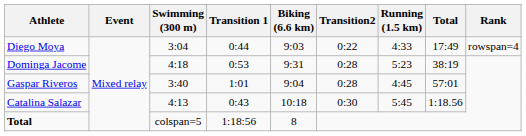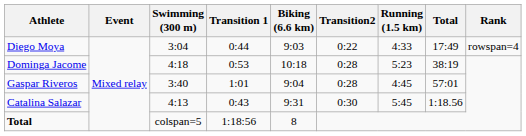 <table class=wikitable style=font-size:90%;text-align:center>
 <tr>
 <th>Athlete</th>
 <th>Event</th>
 <th>Swimming<br><span>(300 m)</span></th>
 <th>Transition 1</th>
 <th>Biking<br><span>(6.6 km)</span></th>
 <th>Transition2</th>
 <th>Running<br><span>(1.5 km)</span></th>
 <th>Total</th>
 <th>Rank</th>
 </tr>
 <tr>
 <td style="text-align:left"><a href='#'>Diego Moya</a></td>
 <td style="text-align:left" rowspan=5><a href='#'>Mixed relay</a></td>
 <td>3:04</td>
 <td>0:44</td>
 <td>9:03</td>
 <td>0:22</td>
 <td>4:33</td>
 <td>17:49</td>
 <td>rowspan=4 </td>
 </tr>
 <tr>
 <td style="text-align:left"><a href='#'>Dominga Jacome</a></td>
 <td>4:18</td>
 <td>0:53</td>
-<td>9:31</td>
+<td>10:18</td>
 <td>0:28</td>
 <td>5:23</td>
 <td>38:19</td>
 </tr>
 <tr>
 <td style="text-align:left"><a href='#'>Gaspar Riveros</a></td>
 <td>3:40</td>
 <td>1:01</td>
 <td>9:04</td>
 <td>0:28</td>
 <td>4:45</td>
 <td>57:01</td>
 </tr>
 <tr>
 <td style="text-align:left"><a href='#'>Catalina Salazar</a></td>
 <td>4:13</td>
 <td>0:43</td>
-<td>10:18</td>
+<td>9:31</td>
 <td>0:30</td>
 <td>5:45</td>
 <td>1:18.56</td>
 </tr>
 <tr>
 <td style="text-align:left"><strong>Total</strong></td>
 <td>colspan=5 </td>
 <td>1:18:56</td>
 <td>8</td>
 </tr>
 </table>
